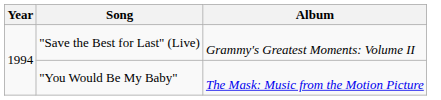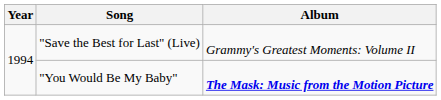 <table class="wikitable">
 <tr>
 <th>Year</th>
 <th>Song</th>
 <th>Album</th>
 </tr>
 <tr>
 <td rowspan=2>1994</td>
 <td>"Save the Best for Last" (Live)</td>
 <td><br><em>Grammy's Greatest Moments: Volume II</em></td>
 </tr>
 <tr>
 <td>"You Would Be My Baby"</td>
-<td><br><em><a href='#'>The Mask: Music from the Motion Picture</a></em></td>
+<td><strong><br><em><a href='#'>The Mask: Music from the Motion Picture</a></em></strong></td>
 </tr>
 </table>
